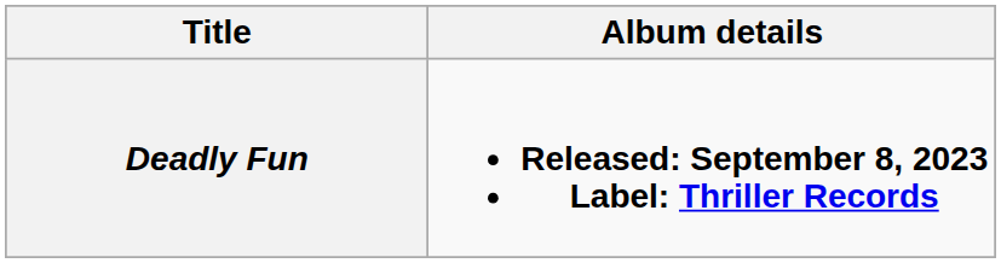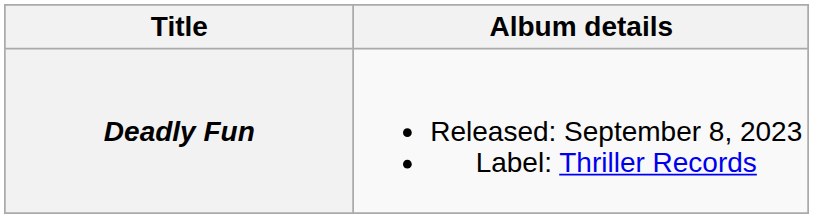 <table class="wikitable plainrowheaders" style="text-align:center;">
 <tr>
 <th scope="col" rowspan="1" style="width:12em;">Title</th>
 <th scope="col" rowspan="1">Album details</th>
 </tr>
 <tr>
 <th scope="row"><em>Deadly Fun</em></th>
-<td><strong><br><ul><li>Released: September 8, 2023</li><li>Label: <a href='#'>Thriller Records</a></li></ul></strong></td>
+<td><br><ul><li>Released: September 8, 2023</li><li>Label: <a href='#'>Thriller Records</a></li></ul></td>
 </tr>
 </table>
